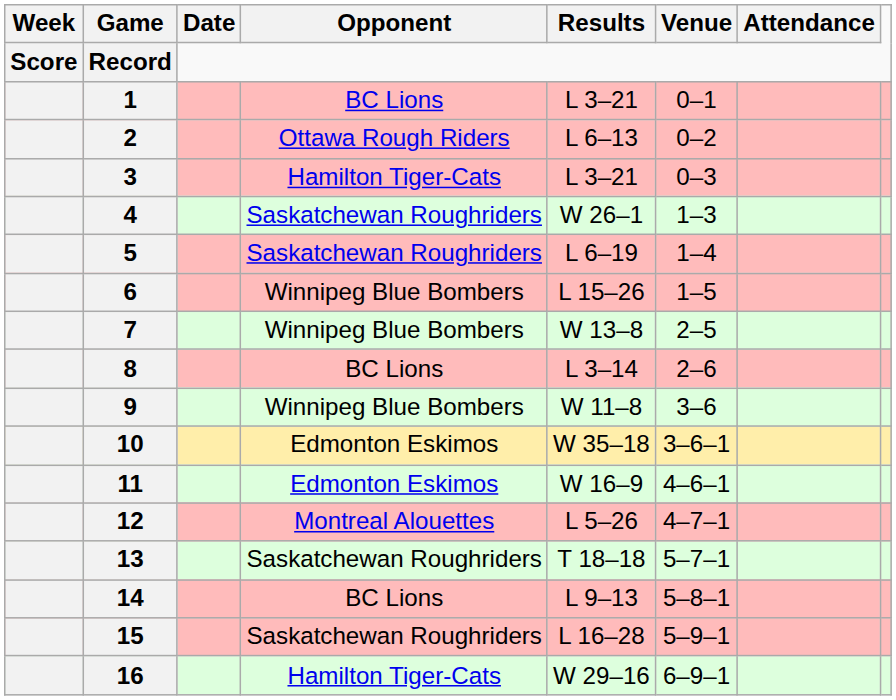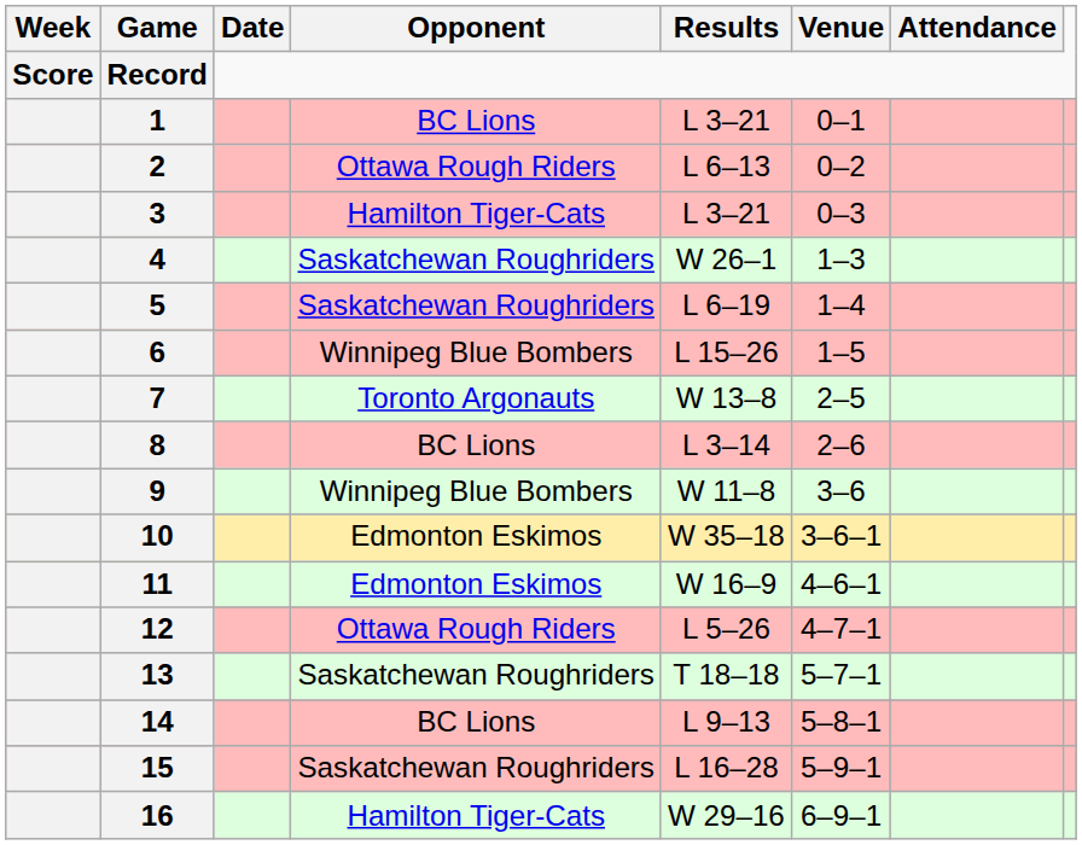 <table class="wikitable" style="text-align:center">
 <tr>
 <th>Week</th>
 <th>Game</th>
 <th>Date</th>
 <th>Opponent</th>
 <th>Results</th>
 <th>Venue</th>
 <th>Attendance</th>
 </tr>
 <tr>
 <th>Score</th>
 <th>Record</th>
 </tr>
 <tr style="background:#ffbbbb">
 <th></th>
 <th>1</th>
 <td></td>
 <td><a href='#'>BC Lions</a></td>
 <td>L 3–21</td>
 <td>0–1</td>
 <td></td>
 <td></td>
 </tr>
 <tr style="background:#ffbbbb">
 <th></th>
 <th>2</th>
 <td></td>
 <td><a href='#'>Ottawa Rough Riders</a></td>
 <td>L 6–13</td>
 <td>0–2</td>
 <td></td>
 <td></td>
 </tr>
 <tr style="background:#ffbbbb">
 <th></th>
 <th>3</th>
 <td></td>
 <td><a href='#'>Hamilton Tiger-Cats</a></td>
 <td>L 3–21</td>
 <td>0–3</td>
 <td></td>
 <td></td>
 </tr>
 <tr style="background:#ddffdd">
 <th></th>
 <th>4</th>
 <td></td>
 <td><a href='#'>Saskatchewan Roughriders</a></td>
 <td>W 26–1</td>
 <td>1–3</td>
 <td></td>
 <td></td>
 </tr>
 <tr style="background:#ffbbbb">
 <th></th>
 <th>5</th>
 <td></td>
 <td><a href='#'>Saskatchewan Roughriders</a></td>
 <td>L 6–19</td>
 <td>1–4</td>
 <td></td>
 <td></td>
 </tr>
 <tr style="background:#ffbbbb">
 <th></th>
 <th>6</th>
 <td></td>
 <td>Winnipeg Blue Bombers</td>
 <td>L 15–26</td>
 <td>1–5</td>
 <td></td>
 <td></td>
 </tr>
 <tr style="background:#ddffdd">
 <th></th>
 <th>7</th>
 <td></td>
-<td>Winnipeg Blue Bombers</td>
+<td><a href='#'>Toronto Argonauts</a></td>
 <td>W 13–8</td>
 <td>2–5</td>
 <td></td>
 <td></td>
 </tr>
 <tr style="background:#ffbbbb">
 <th></th>
 <th>8</th>
 <td></td>
 <td>BC Lions</td>
 <td>L 3–14</td>
 <td>2–6</td>
 <td></td>
 <td></td>
 </tr>
 <tr style="background:#ddffdd">
 <th></th>
 <th>9</th>
 <td></td>
 <td>Winnipeg Blue Bombers</td>
 <td>W 11–8</td>
 <td>3–6</td>
 <td></td>
 <td></td>
 </tr>
 <tr style="background:#ffeeaa">
 <th></th>
 <th>10</th>
 <td></td>
 <td>Edmonton Eskimos</td>
 <td>W 35–18</td>
 <td>3–6–1</td>
 <td></td>
 <td></td>
 </tr>
 <tr style="background:#ddffdd">
 <th></th>
 <th>11</th>
 <td></td>
 <td><a href='#'>Edmonton Eskimos</a></td>
 <td>W 16–9</td>
 <td>4–6–1</td>
 <td></td>
 <td></td>
 </tr>
 <tr style="background:#ffbbbb">
 <th></th>
 <th>12</th>
 <td></td>
-<td><a href='#'>Montreal Alouettes</a></td>
+<td><a href='#'>Ottawa Rough Riders</a></td>
 <td>L 5–26</td>
 <td>4–7–1</td>
 <td></td>
 <td></td>
 </tr>
 <tr style="background:#ddffdd">
 <th></th>
 <th>13</th>
 <td></td>
 <td>Saskatchewan Roughriders</td>
 <td>T 18–18</td>
 <td>5–7–1</td>
 <td></td>
 <td></td>
 </tr>
 <tr style="background:#ffbbbb">
 <th></th>
 <th>14</th>
 <td></td>
 <td>BC Lions</td>
 <td>L 9–13</td>
 <td>5–8–1</td>
 <td></td>
 <td></td>
 </tr>
 <tr style="background:#ffbbbb">
 <th></th>
 <th>15</th>
 <td></td>
 <td>Saskatchewan Roughriders</td>
 <td>L 16–28</td>
 <td>5–9–1</td>
 <td></td>
 <td></td>
 </tr>
 <tr style="background:#ddffdd">
 <th></th>
 <th>16</th>
 <td></td>
 <td><a href='#'>Hamilton Tiger-Cats</a></td>
 <td>W 29–16</td>
 <td>6–9–1</td>
 <td></td>
 <td></td>
 </tr>
 </table>
